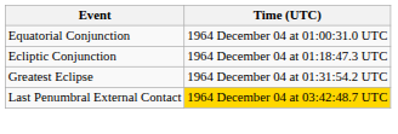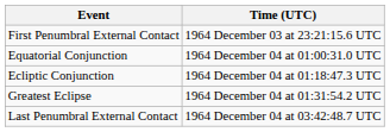 <table class="wikitable">
 <tr>
 <th>Event</th>
 <th>Time (UTC)</th>
+</tr>
+<tr>
+<td>First Penumbral External Contact</td>
+<td>1964 December 03 at 23:21:15.6 UTC</td>
 </tr>
 <tr>
 <td>Equatorial Conjunction</td>
 <td>1964 December 04 at 01:00:31.0 UTC</td>
 </tr>
 <tr>
 <td>Ecliptic Conjunction</td>
 <td>1964 December 04 at 01:18:47.3 UTC</td>
 </tr>
 <tr>
 <td>Greatest Eclipse</td>
 <td>1964 December 04 at 01:31:54.2 UTC</td>
 </tr>
 <tr>
 <td>Last Penumbral External Contact</td>
-<td style="background: gold;">1964 December 04 at 03:42:48.7 UTC</td>
+<td>1964 December 04 at 03:42:48.7 UTC</td>
 </tr>
 </table>
